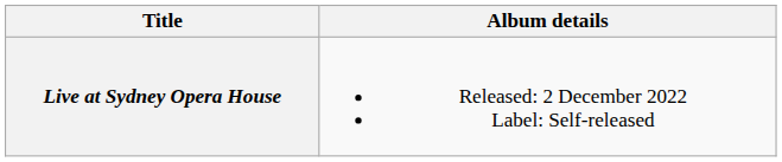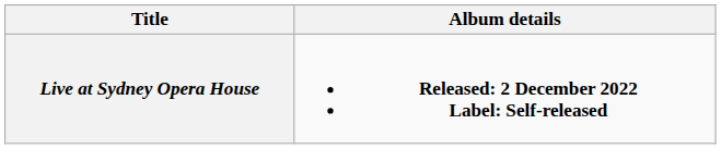 <table class="wikitable plainrowheaders" style="text-align:center;">
 <tr>
 <th scope="col" rowspan="1" style="width:15em;">Title</th>
 <th scope="col" rowspan="1" style="width:22em;">Album details</th>
 </tr>
 <tr>
 <th scope="row"><em>Live at Sydney Opera House</em></th>
-<td><br><ul><li>Released: 2 December 2022</li><li>Label: Self-released</li></ul></td>
+<td><strong><br><ul><li>Released: 2 December 2022</li><li>Label: Self-released</li></ul></strong></td>
 </tr>
 </table>
